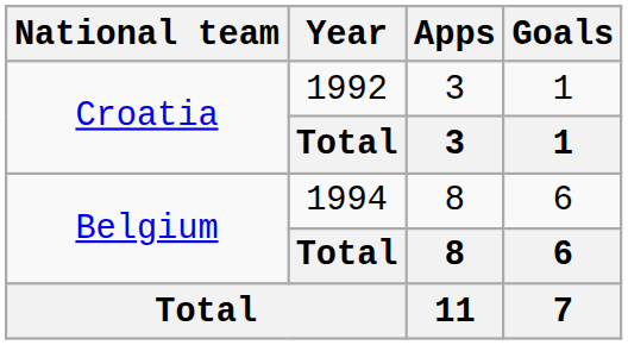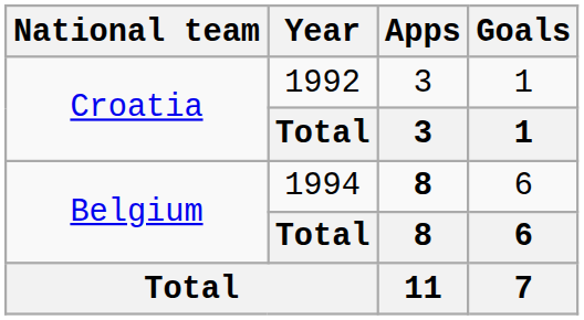 <table class="wikitable" style="text-align:center">
 <tr>
 <th>National team</th>
 <th>Year</th>
 <th>Apps</th>
 <th>Goals</th>
 </tr>
 <tr>
 <td rowspan="2"><a href='#'>Croatia</a></td>
 <td>1992</td>
 <td>3</td>
 <td>1</td>
 </tr>
 <tr>
 <th>Total</th>
 <th>3</th>
 <th>1</th>
 </tr>
 <tr>
 <td rowspan="2"><a href='#'>Belgium</a></td>
 <td>1994</td>
-<td>8</td>
+<td><strong>8</strong></td>
 <td>6</td>
 </tr>
 <tr>
 <th>Total</th>
 <th>8</th>
 <th>6</th>
 </tr>
 <tr>
 <th colspan="2">Total</th>
 <th>11</th>
 <th>7</th>
 </tr>
 </table>
